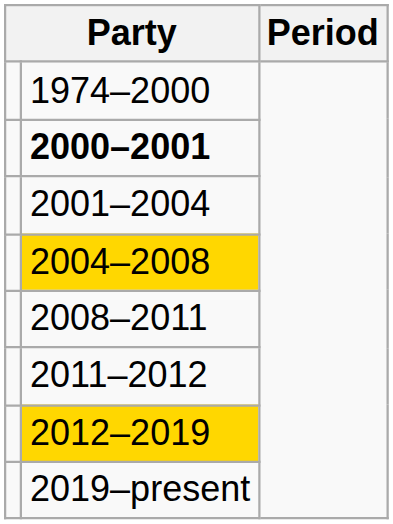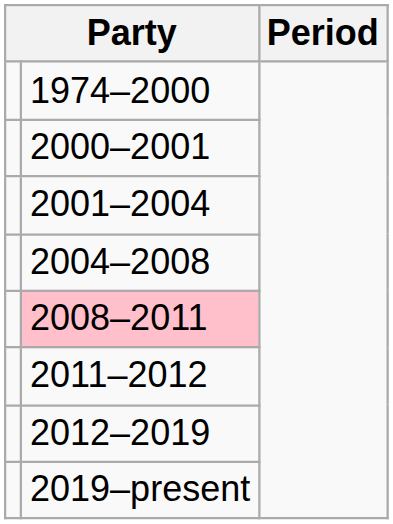 <table class="wikitable">
 <tr>
 <th colspan="2">Party</th>
 <th>Period</th>
 </tr>
 <tr>
 <td></td>
 <td>1974–2000</td>
 </tr>
 <tr>
 <td></td>
-<td><strong>2000–2001</strong></td>
+<td>2000–2001</td>
 </tr>
 <tr>
 <td></td>
 <td>2001–2004</td>
 </tr>
 <tr>
 <td></td>
-<td style="background: gold;">2004–2008</td>
+<td>2004–2008</td>
 </tr>
 <tr>
 <td></td>
-<td>2008–2011</td>
+<td style="background: pink;">2008–2011</td>
 </tr>
 <tr>
 <td></td>
 <td>2011–2012</td>
 </tr>
 <tr>
 <td></td>
-<td style="background: gold;">2012–2019</td>
+<td>2012–2019</td>
 </tr>
 <tr>
 <td></td>
 <td>2019–present</td>
 </tr>
 </table>
